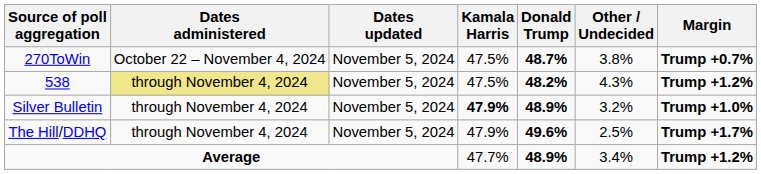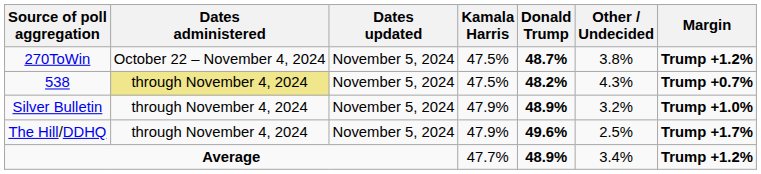 <table class="wikitable sortable" style="text-align:center;font-size:90%;line-height:17px">
 <tr>
 <th>Source of poll<br>aggregation</th>
 <th>Dates<br>administered</th>
 <th>Dates<br>updated</th>
 <th class="unsortable">Kamala<br>Harris<br><small></small></th>
 <th class="unsortable">Donald<br>Trump<br><small></small></th>
 <th>Other /<br>Undecided<br></th>
 <th>Margin</th>
 </tr>
 <tr>
 <td><a href='#'>270ToWin</a></td>
 <td>October 22 – November 4, 2024</td>
 <td>November 5, 2024</td>
 <td>47.5%</td>
 <td style="background-color:"><strong>48.7%</strong></td>
 <td>3.8%</td>
-<td style="background-color:"><strong>Trump +0.7%</strong></td>
+<td style="background-color:"><strong>Trump +1.2%</strong></td>
 </tr>
 <tr>
 <td><a href='#'>538</a></td>
 <td style="background: khaki;">through November 4, 2024</td>
 <td>November 5, 2024</td>
 <td>47.5%</td>
 <td style="background-color:"><strong>48.2%</strong></td>
 <td>4.3%</td>
-<td style="background-color:"><strong>Trump +1.2%</strong></td>
+<td style="background-color:"><strong>Trump +0.7%</strong></td>
 </tr>
 <tr>
 <td><a href='#'>Silver Bulletin</a></td>
 <td>through November 4, 2024</td>
 <td>November 5, 2024</td>
-<td><strong>47.9%</strong></td>
+<td>47.9%</td>
 <td style="background-color:"><strong>48.9%</strong></td>
 <td>3.2%</td>
 <td style="background-color:"><strong>Trump +1.0%</strong></td>
 </tr>
 <tr>
 <td><a href='#'>The Hill</a>/<a href='#'>DDHQ</a></td>
 <td>through November 4, 2024</td>
 <td>November 5, 2024</td>
 <td>47.9%</td>
 <td style="background-color:"><strong>49.6%</strong></td>
 <td>2.5%</td>
 <td style="background-color:"><strong>Trump +1.7%</strong></td>
 </tr>
 <tr>
 <td colspan="3"><strong>Average</strong></td>
 <td>47.7%</td>
 <td style="background-color:"><strong>48.9%</strong></td>
 <td>3.4%</td>
 <td style="background-color:"><strong>Trump +1.2%</strong></td>
 </tr>
 </table>
